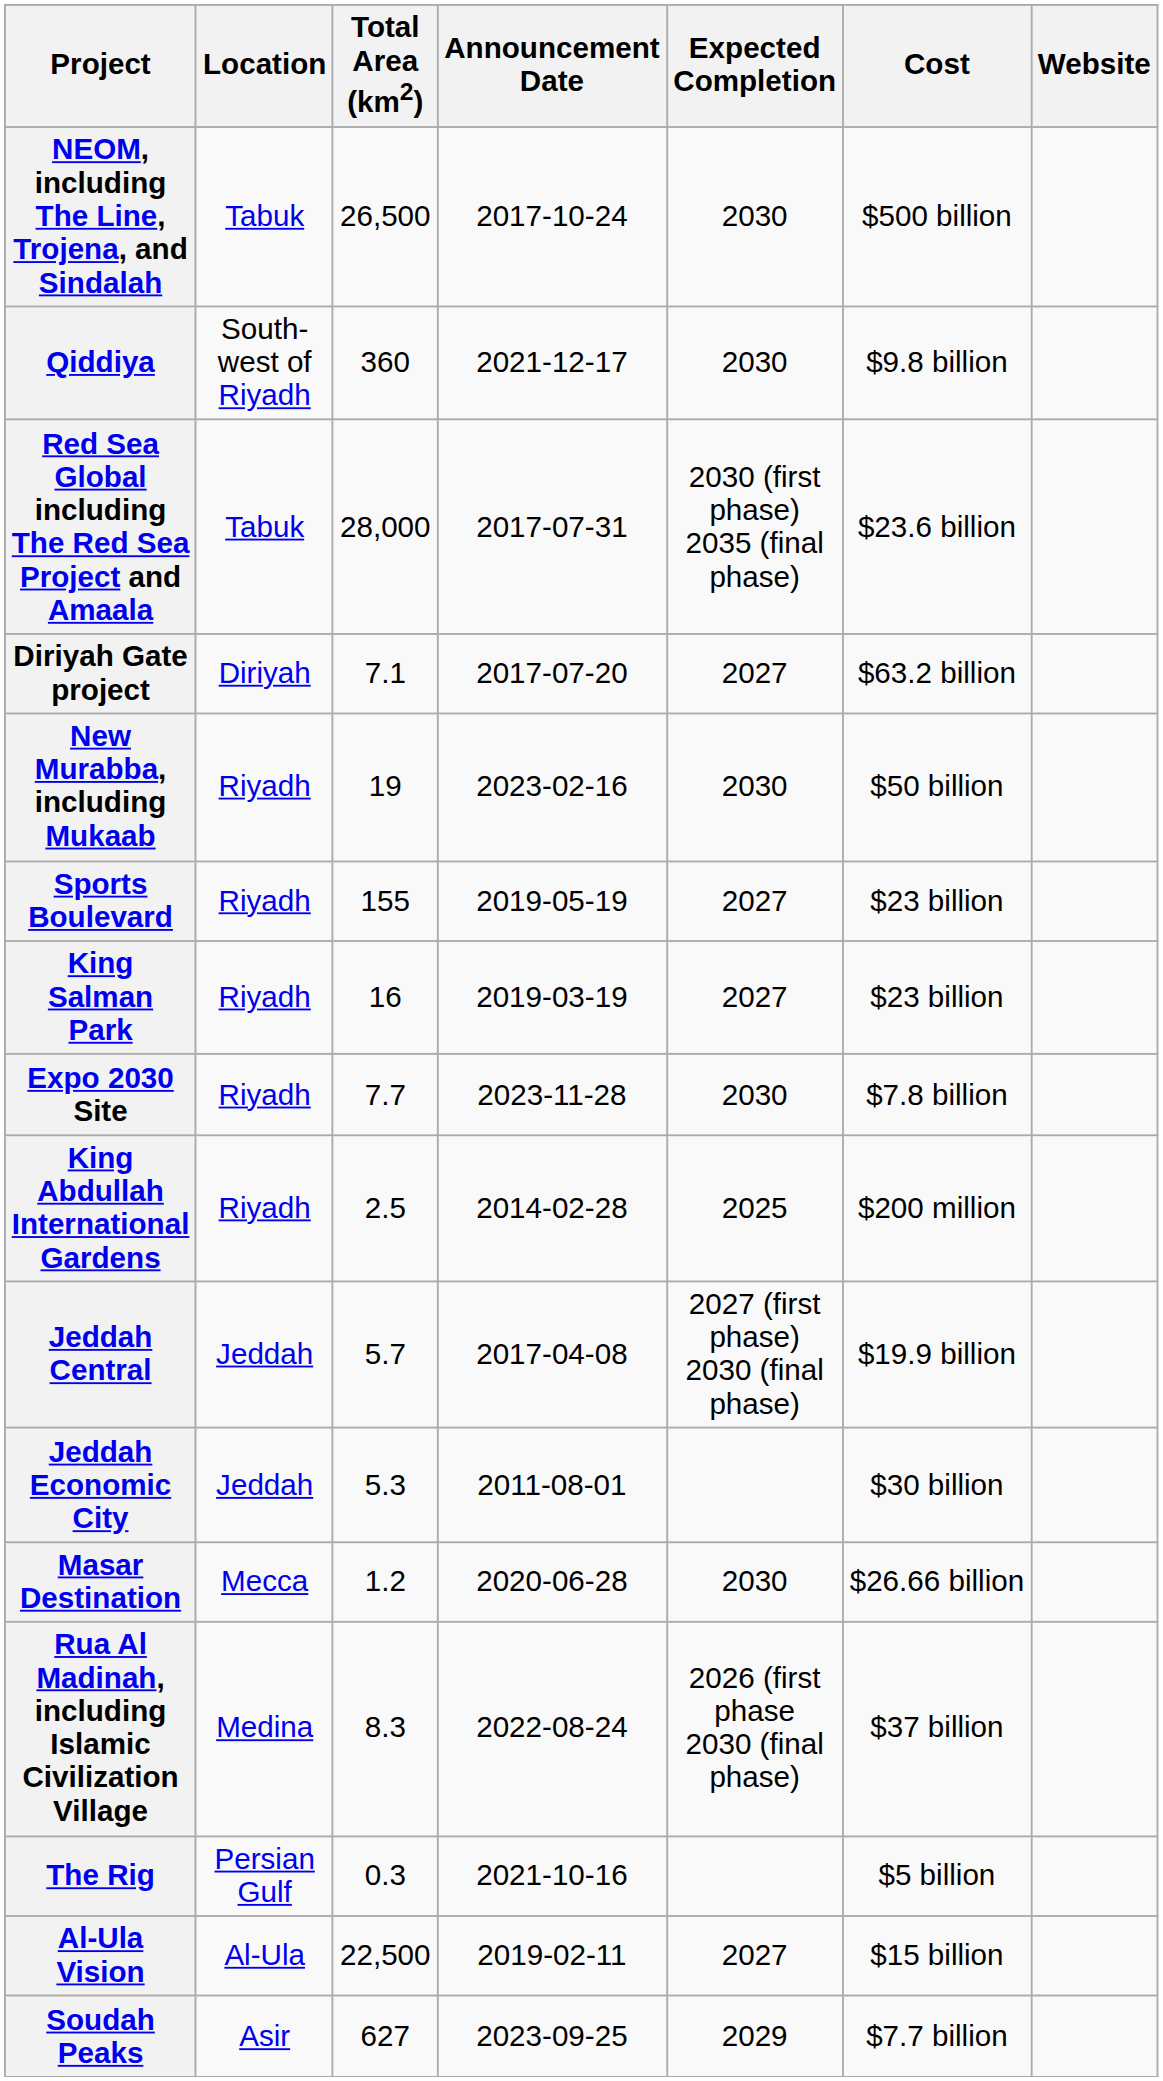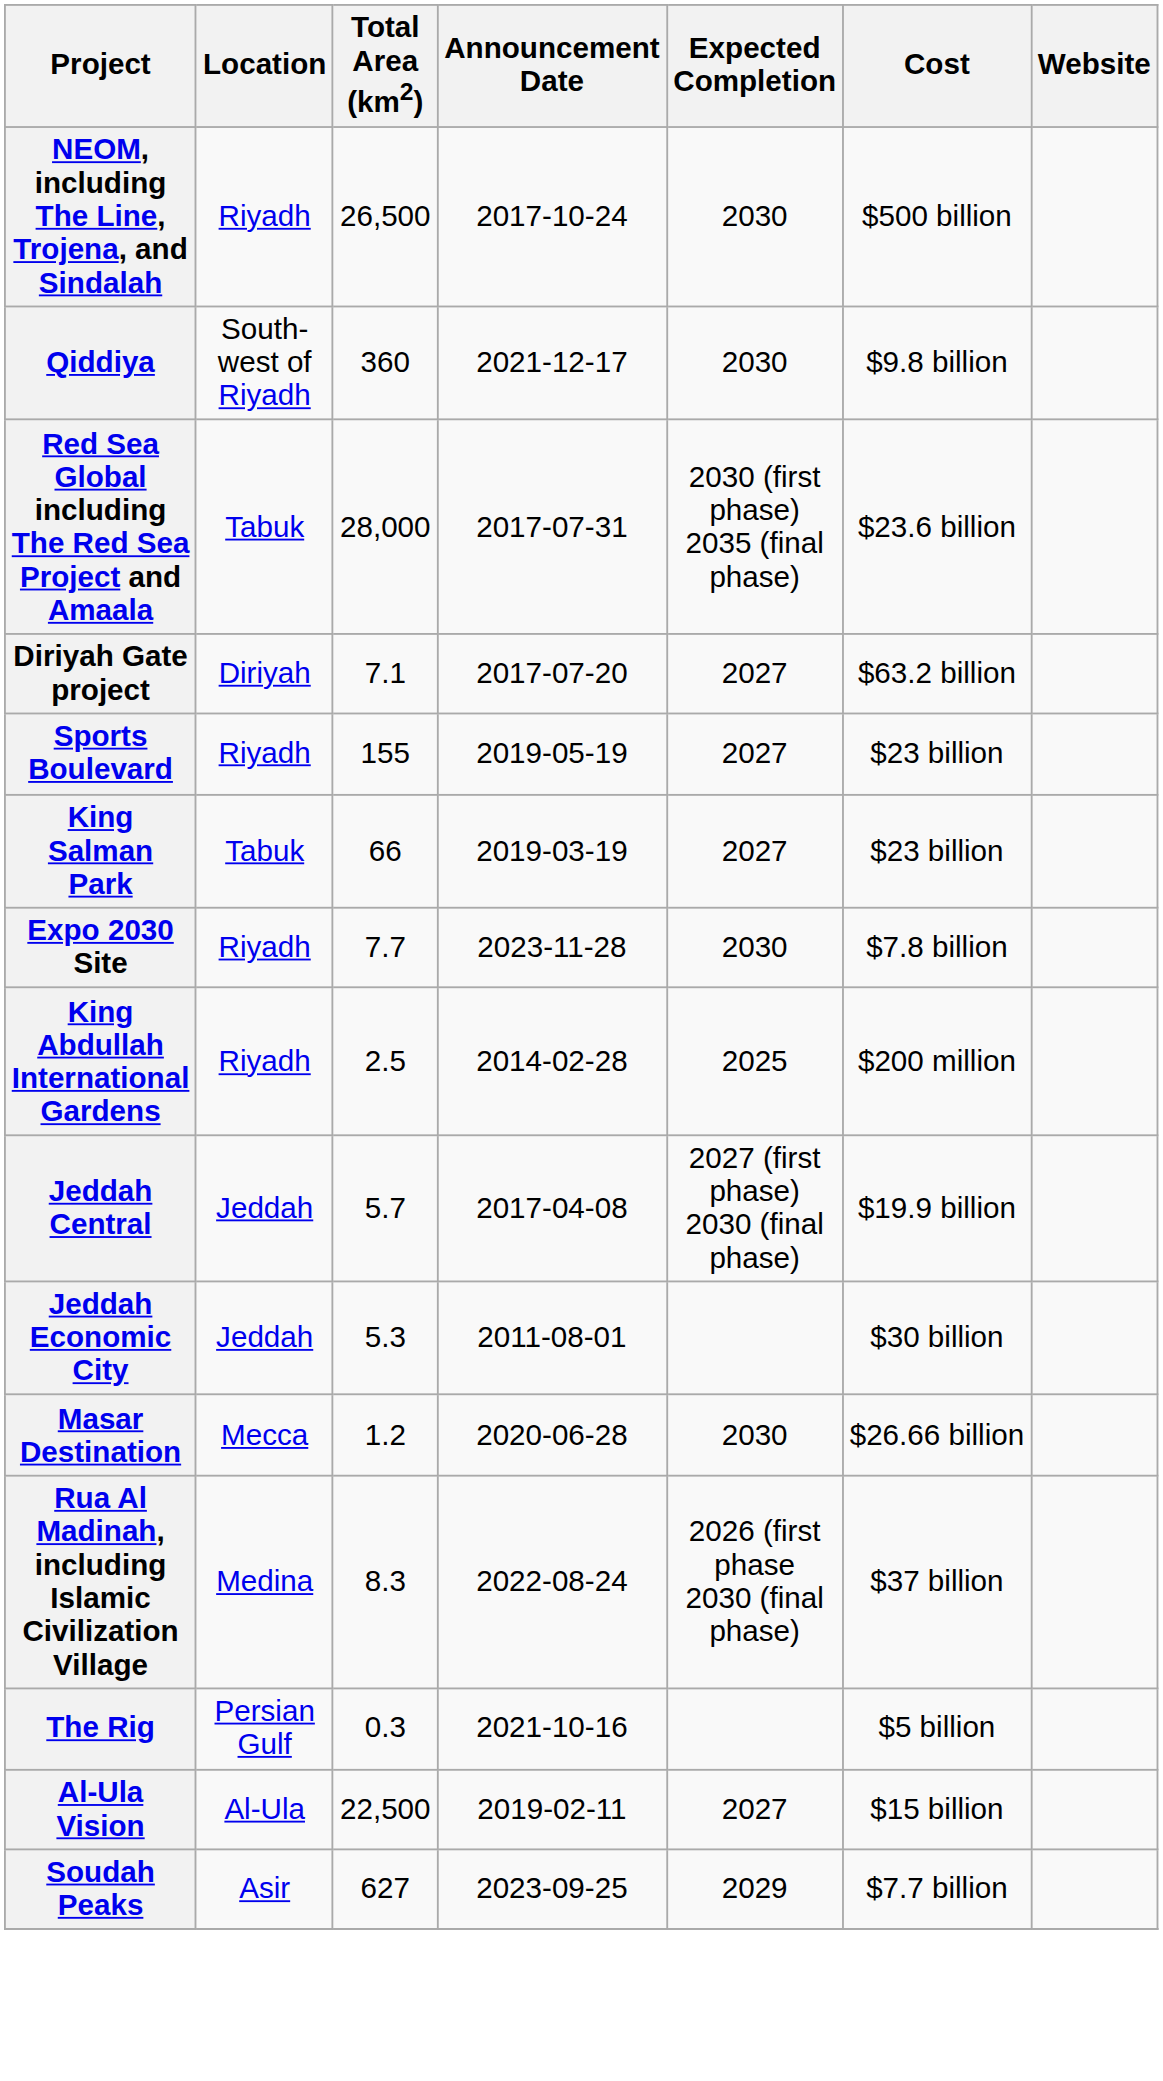 <table class="wikitable sortable" style="text-align:center;">
 <tr>
 <th>Project</th>
 <th>Location</th>
 <th>Total Area (km<sup>2</sup>)</th>
 <th>Announcement Date</th>
 <th>Expected Completion</th>
 <th>Cost</th>
 <th>Website</th>
 </tr>
 <tr>
 <th><a href='#'>NEOM</a>, including <a href='#'>The Line</a>, <a href='#'>Trojena</a>, and <a href='#'>Sindalah</a></th>
-<td><a href='#'>Tabuk</a></td>
+<td><a href='#'>Riyadh</a></td>
 <td>26,500</td>
 <td>2017-10-24</td>
 <td>2030</td>
 <td>$500 billion</td>
 <td></td>
 </tr>
 <tr>
 <th><a href='#'>Qiddiya</a></th>
 <td>South-west of <a href='#'>Riyadh</a></td>
 <td>360</td>
 <td>2021-12-17</td>
 <td>2030</td>
 <td>$9.8 billion</td>
 <td></td>
 </tr>
 <tr>
 <th><a href='#'>Red Sea Global</a> including <a href='#'>The Red Sea Project</a> and <a href='#'>Amaala</a></th>
 <td><a href='#'>Tabuk</a></td>
 <td>28,000</td>
 <td>2017-07-31</td>
 <td>2030 (first phase)<br>2035 (final phase)</td>
 <td>$23.6 billion</td>
 <td></td>
 </tr>
 <tr>
 <th>Diriyah Gate project</th>
 <td><a href='#'>Diriyah</a></td>
 <td>7.1</td>
 <td>2017-07-20</td>
 <td>2027</td>
 <td>$63.2 billion</td>
 <td></td>
 </tr>
 <tr>
-<th><a href='#'>New Murabba</a>, including <a href='#'>Mukaab</a></th>
-<td><a href='#'>Riyadh</a></td>
-<td>19</td>
-<td>2023-02-16</td>
-<td>2030</td>
-<td>$50 billion</td>
-<td></td>
-</tr>
-<tr>
 <th><a href='#'>Sports Boulevard</a></th>
 <td><a href='#'>Riyadh</a></td>
 <td>155</td>
 <td>2019-05-19</td>
 <td>2027</td>
 <td>$23 billion</td>
 <td></td>
 </tr>
 <tr>
 <th><a href='#'>King Salman Park</a></th>
-<td><a href='#'>Riyadh</a></td>
-<td>16</td>
+<td><a href='#'>Tabuk</a></td>
+<td>66</td>
 <td>2019-03-19</td>
 <td>2027</td>
 <td>$23 billion</td>
 <td></td>
 </tr>
 <tr>
 <th><a href='#'>Expo 2030</a> Site</th>
 <td><a href='#'>Riyadh</a></td>
 <td>7.7</td>
 <td>2023-11-28</td>
 <td>2030</td>
 <td>$7.8 billion</td>
 <td></td>
 </tr>
 <tr>
 <th><a href='#'>King Abdullah International Gardens</a></th>
 <td><a href='#'>Riyadh</a></td>
 <td>2.5</td>
 <td>2014-02-28</td>
 <td>2025</td>
 <td>$200 million</td>
 <td></td>
 </tr>
 <tr>
 <th><a href='#'>Jeddah Central</a></th>
 <td><a href='#'>Jeddah</a></td>
 <td>5.7</td>
 <td>2017-04-08</td>
 <td>2027 (first phase)<br>2030 (final phase)</td>
 <td>$19.9 billion</td>
 <td></td>
 </tr>
 <tr>
 <th><a href='#'>Jeddah Economic City</a></th>
 <td><a href='#'>Jeddah</a></td>
 <td>5.3</td>
 <td>2011-08-01</td>
 <td></td>
 <td>$30 billion</td>
 <td></td>
 </tr>
 <tr>
 <th><a href='#'>Masar Destination</a></th>
 <td><a href='#'>Mecca</a></td>
 <td>1.2</td>
 <td>2020-06-28</td>
 <td>2030</td>
 <td>$26.66 billion</td>
 <td></td>
 </tr>
 <tr>
 <th><a href='#'>Rua Al Madinah</a>, including Islamic Civilization Village</th>
 <td><a href='#'>Medina</a></td>
 <td>8.3</td>
 <td>2022-08-24</td>
 <td>2026 (first phase<br>2030 (final phase)</td>
 <td>$37 billion</td>
 <td></td>
 </tr>
 <tr>
 <th><a href='#'>The Rig</a></th>
 <td><a href='#'>Persian Gulf</a></td>
 <td>0.3</td>
 <td>2021-10-16</td>
 <td></td>
 <td>$5 billion</td>
 <td></td>
 </tr>
 <tr>
 <th><a href='#'>Al-Ula Vision</a></th>
 <td><a href='#'>Al-Ula</a></td>
 <td>22,500</td>
 <td>2019-02-11</td>
 <td>2027</td>
 <td>$15 billion</td>
 <td></td>
 </tr>
 <tr>
 <th><a href='#'>Soudah Peaks</a></th>
 <td><a href='#'>Asir</a></td>
 <td>627</td>
 <td>2023-09-25</td>
 <td>2029</td>
 <td>$7.7 billion</td>
 <td></td>
 </tr>
 <tr>
 </tr>
 </table>
